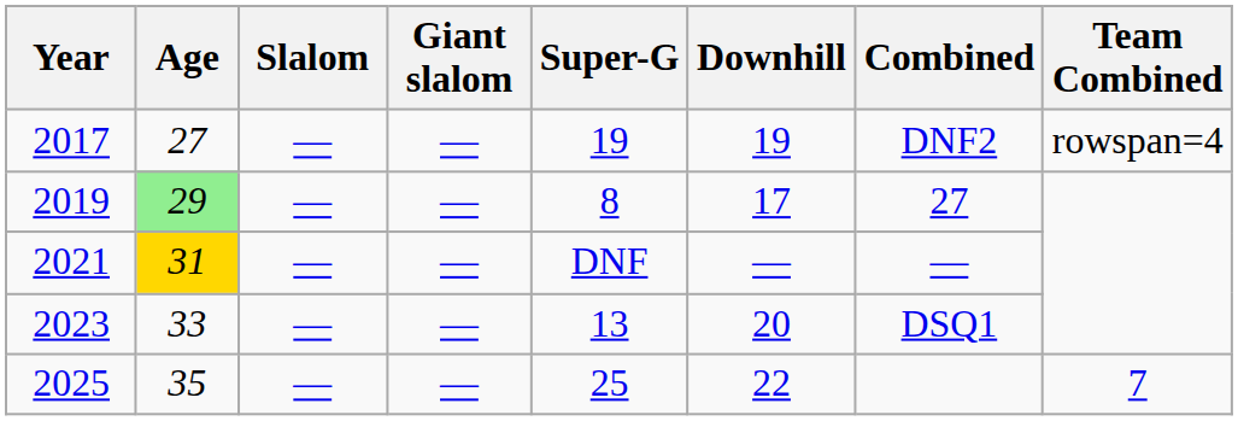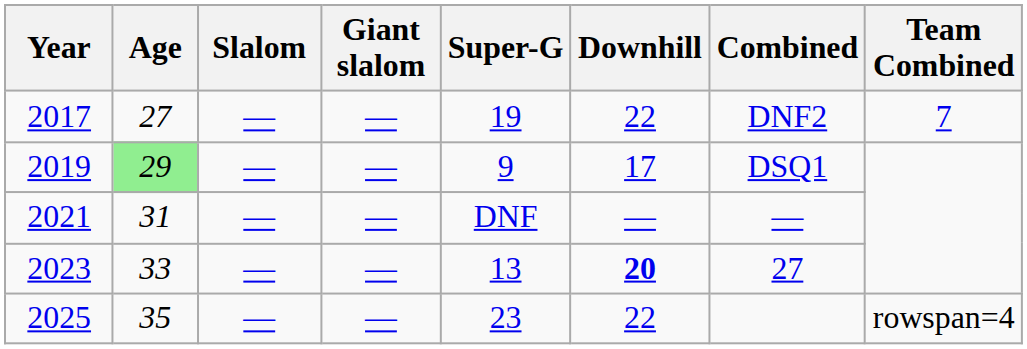 <table class=wikitable style="text-align:center">
 <tr>
 <th>  Year  </th>
 <th> Age </th>
 <th> Slalom </th>
 <th> Giant <br> slalom </th>
 <th>Super-G</th>
 <th>Downhill</th>
 <th>Combined</th>
 <th>Team<br>Combined</th>
 </tr>
 <tr>
 <td><a href='#'>2017</a></td>
 <td><em>27</em></td>
 <td><a href='#'>—</a></td>
 <td><a href='#'>—</a></td>
 <td><a href='#'>19</a></td>
-<td><a href='#'>19</a></td>
+<td><a href='#'>22</a></td>
 <td><a href='#'>DNF2</a></td>
-<td>rowspan=4</td>
+<td><a href='#'>7</a></td>
 </tr>
 <tr>
 <td><a href='#'>2019</a></td>
 <td style="background: lightgreen;"><em>29</em></td>
 <td><a href='#'>—</a></td>
 <td><a href='#'>—</a></td>
-<td><a href='#'>8</a></td>
+<td><a href='#'>9</a></td>
 <td><a href='#'>17</a></td>
-<td><a href='#'>27</a></td>
+<td><a href='#'>DSQ1</a></td>
 </tr>
 <tr>
 <td><a href='#'>2021</a></td>
-<td style="background: gold;"><em>31</em></td>
+<td><em>31</em></td>
 <td><a href='#'>—</a></td>
 <td><a href='#'>—</a></td>
 <td><a href='#'>DNF</a></td>
 <td><a href='#'>—</a></td>
 <td><a href='#'>—</a></td>
 </tr>
 <tr>
 <td><a href='#'>2023</a></td>
 <td><em>33</em></td>
 <td><a href='#'>—</a></td>
 <td><a href='#'>—</a></td>
 <td><a href='#'>13</a></td>
-<td><a href='#'>20</a></td>
-<td><a href='#'>DSQ1</a></td>
+<td><strong><a href='#'>20</a></strong></td>
+<td><a href='#'>27</a></td>
 </tr>
 <tr>
 <td><a href='#'>2025</a></td>
 <td><em>35</em></td>
 <td><a href='#'>—</a></td>
 <td><a href='#'>—</a></td>
-<td><a href='#'>25</a></td>
+<td><a href='#'>23</a></td>
 <td><a href='#'>22</a></td>
 <td></td>
-<td><a href='#'>7</a></td>
+<td>rowspan=4</td>
 </tr>
 </table>
